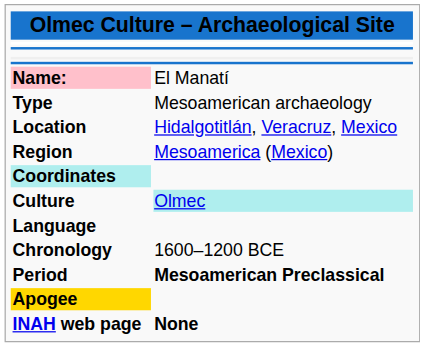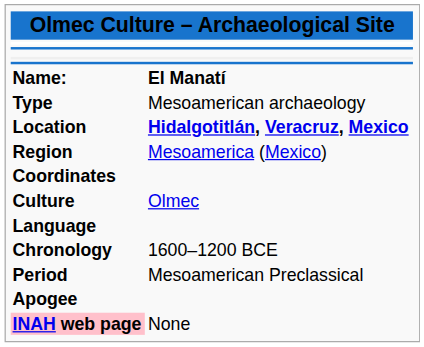 <table class="infobox" style="font-size:90%; text-align:left; width:23.5em">
 <tr>
 <td colspan="3" bgcolor=#1874CD style="text-align: center; font-size: larger;"><span><strong> Olmec Culture – Archaeological Site</strong></span></td>
 </tr>
 <tr style="vertical-align: top; text-align: center;">
 <td colspan=3 bgcolor="#FFFFFF" align="center"></td>
 </tr>
 <tr>
 <td colspan="2" bgcolor=#1874CD></td>
 </tr>
 <tr>
 <td colspan=2></td>
 </tr>
 <tr>
 <td style="background:#efefef;"align="center" colspan="2"></td>
 </tr>
 <tr>
 <td colspan="2" bgcolor=#1874CD></td>
 </tr>
 <tr>
-<td style="background: pink;"><strong>Name:</strong></td>
-<td><span> El Manatí</span></td>
+<td><strong>Name:</strong></td>
+<td><strong><span> El Manatí</span></strong></td>
 </tr>
 <tr>
 <td><strong>Type</strong></td>
 <td>Mesoamerican archaeology</td>
 </tr>
 <tr>
 <td><strong>Location</strong></td>
-<td><a href='#'>Hidalgotitlán</a>, <a href='#'>Veracruz</a>, <a href='#'>Mexico</a></td>
+<td><strong><a href='#'>Hidalgotitlán</a>, <a href='#'>Veracruz</a>, <a href='#'>Mexico</a></strong></td>
 </tr>
 <tr>
 <td><strong>Region</strong></td>
 <td><a href='#'>Mesoamerica</a> (<a href='#'>Mexico</a>)</td>
 </tr>
 <tr>
-<td style="background: paleturquoise;"><strong>Coordinates</strong></td>
+<td><strong>Coordinates</strong></td>
 <td></td>
 </tr>
 <tr>
 <td><strong>Culture</strong></td>
-<td style="background: paleturquoise;"><a href='#'>Olmec</a></td>
+<td><a href='#'>Olmec</a></td>
 </tr>
 <tr>
 <td><strong>Language</strong></td>
 <td></td>
 </tr>
 <tr>
 <td><strong>Chronology</strong></td>
 <td>1600–1200 BCE</td>
 </tr>
 <tr>
 <td><strong>Period</strong></td>
-<td><strong>Mesoamerican Preclassical</strong></td>
+<td>Mesoamerican Preclassical</td>
 </tr>
 <tr>
-<td style="background: gold;"><strong>Apogee</strong></td>
+<td><strong>Apogee</strong></td>
 <td></td>
 </tr>
 <tr>
-<td><strong><a href='#'>INAH</a> web page</strong></td>
-<td><strong>None</strong></td>
+<td style="background: pink;"><strong><a href='#'>INAH</a> web page</strong></td>
+<td>None</td>
 </tr>
 </table>
